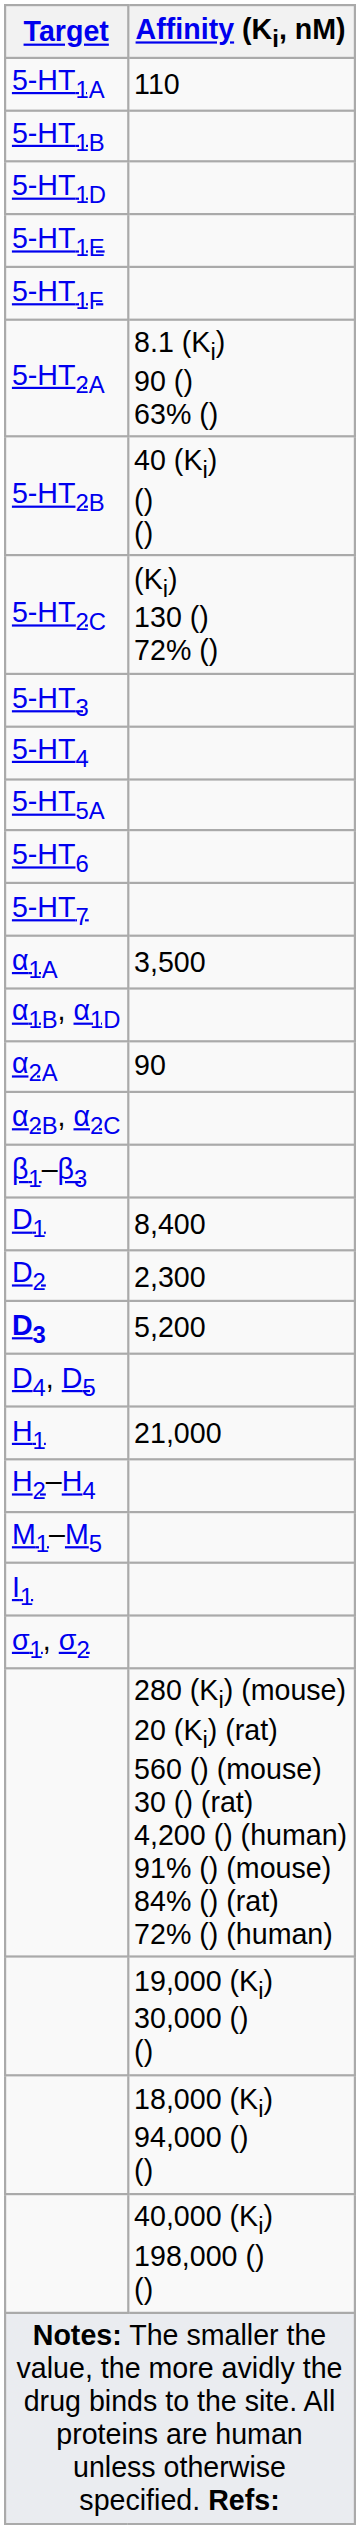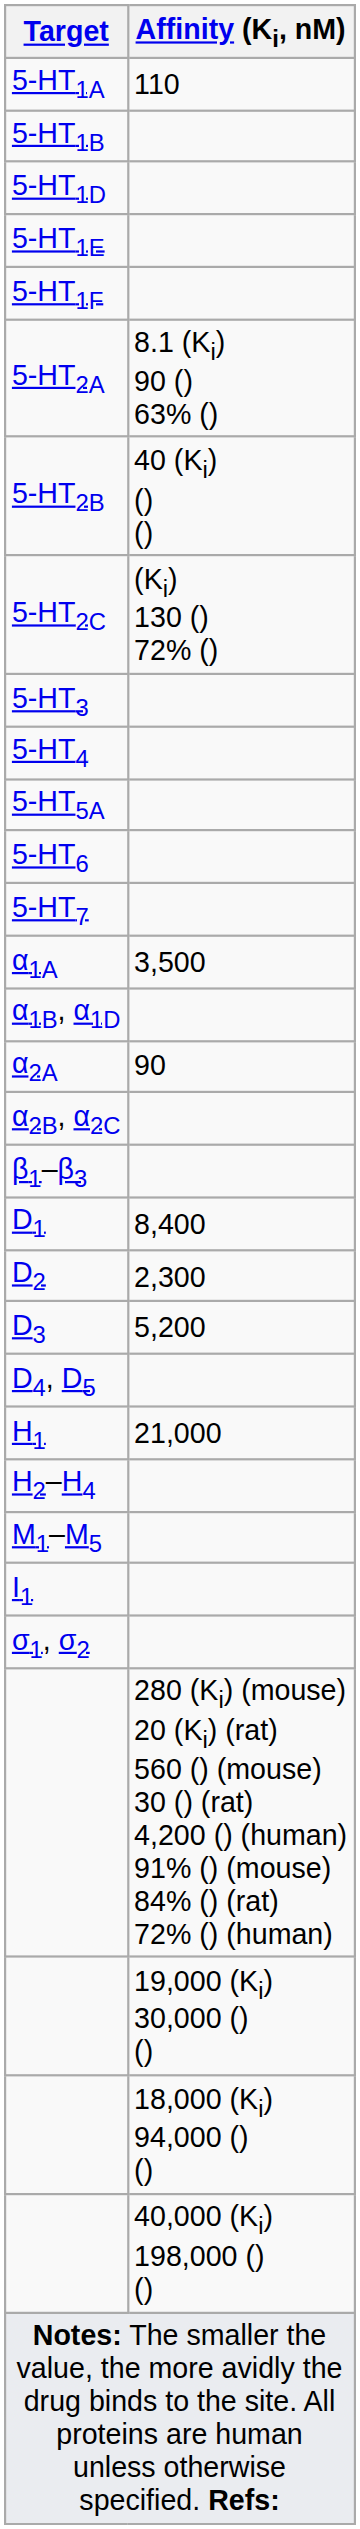 <table class="wikitable floatleft" style="font-size:small;">
 <tr>
 <th><a href='#'>Target</a></th>
 <th><a href='#'>Affinity</a> (K<sub>i</sub>, nM)</th>
 </tr>
 <tr>
 <td><a href='#'>5-HT<sub>1A</sub></a></td>
 <td>110</td>
 </tr>
 <tr>
 <td><a href='#'>5-HT<sub>1B</sub></a></td>
 <td></td>
 </tr>
 <tr>
 <td><a href='#'>5-HT<sub>1D</sub></a></td>
 <td></td>
 </tr>
 <tr>
 <td><a href='#'>5-HT<sub>1E</sub></a></td>
 <td></td>
 </tr>
 <tr>
 <td><a href='#'>5-HT<sub>1F</sub></a></td>
 <td></td>
 </tr>
 <tr>
 <td><a href='#'>5-HT<sub>2A</sub></a></td>
 <td>8.1 (K<sub>i</sub>)<br>90 ()<br>63% ()</td>
 </tr>
 <tr>
 <td><a href='#'>5-HT<sub>2B</sub></a></td>
 <td>40 (K<sub>i</sub>)<br> ()<br> ()</td>
 </tr>
 <tr>
 <td><a href='#'>5-HT<sub>2C</sub></a></td>
 <td> (K<sub>i</sub>)<br>130 ()<br>72% ()</td>
 </tr>
 <tr>
 <td><a href='#'>5-HT<sub>3</sub></a></td>
 <td></td>
 </tr>
 <tr>
 <td><a href='#'>5-HT<sub>4</sub></a></td>
 <td></td>
 </tr>
 <tr>
 <td><a href='#'>5-HT<sub>5A</sub></a></td>
 <td></td>
 </tr>
 <tr>
 <td><a href='#'>5-HT<sub>6</sub></a></td>
 <td></td>
 </tr>
 <tr>
 <td><a href='#'>5-HT<sub>7</sub></a></td>
 <td></td>
 </tr>
 <tr>
 <td><a href='#'>α<sub>1A</sub></a></td>
 <td>3,500</td>
 </tr>
 <tr>
 <td><a href='#'>α<sub>1B</sub></a>, <a href='#'>α<sub>1D</sub></a></td>
 <td></td>
 </tr>
 <tr>
 <td><a href='#'>α<sub>2A</sub></a></td>
 <td>90</td>
 </tr>
 <tr>
 <td><a href='#'>α<sub>2B</sub></a>, <a href='#'>α<sub>2C</sub></a></td>
 <td></td>
 </tr>
 <tr>
 <td><a href='#'>β<sub>1</sub></a>–<a href='#'>β<sub>3</sub></a></td>
 <td></td>
 </tr>
 <tr>
 <td><a href='#'>D<sub>1</sub></a></td>
 <td>8,400</td>
 </tr>
 <tr>
 <td><a href='#'>D<sub>2</sub></a></td>
 <td>2,300</td>
 </tr>
 <tr>
-<td><strong><a href='#'>D<sub>3</sub></a></strong></td>
+<td><a href='#'>D<sub>3</sub></a></td>
 <td>5,200</td>
 </tr>
 <tr>
 <td><a href='#'>D<sub>4</sub></a>, <a href='#'>D<sub>5</sub></a></td>
 <td></td>
 </tr>
 <tr>
 <td><a href='#'>H<sub>1</sub></a></td>
 <td>21,000</td>
 </tr>
 <tr>
 <td><a href='#'>H<sub>2</sub></a>–<a href='#'>H<sub>4</sub></a></td>
 <td></td>
 </tr>
 <tr>
 <td><a href='#'>M<sub>1</sub></a>–<a href='#'>M<sub>5</sub></a></td>
 <td></td>
 </tr>
 <tr>
 <td><a href='#'>I<sub>1</sub></a></td>
 <td></td>
 </tr>
 <tr>
 <td><a href='#'>σ<sub>1</sub></a>, <a href='#'>σ<sub>2</sub></a></td>
 <td></td>
 </tr>
 <tr>
 <td></td>
 <td>280 (K<sub>i</sub>) (mouse)<br>20 (K<sub>i</sub>) (rat)<br>560 () (mouse)<br>30 () (rat)<br>4,200 () (human)<br>91% () (mouse)<br>84% () (rat)<br>72% () (human)</td>
 </tr>
 <tr>
 <td></td>
 <td>19,000 (K<sub>i</sub>)<br>30,000 ()<br> ()</td>
 </tr>
 <tr>
 <td></td>
 <td>18,000 (K<sub>i</sub>)<br>94,000 ()<br> ()</td>
 </tr>
 <tr>
 <td></td>
 <td>40,000 (K<sub>i</sub>)<br>198,000 ()<br> ()</td>
 </tr>
 <tr class="sortbottom">
 <td colspan="2" style="width: 1px; background-color:#eaecf0; text-align: center;"><strong>Notes:</strong> The smaller the value, the more avidly the drug binds to the site. All proteins are human unless otherwise specified. <strong>Refs:</strong> </td>
 </tr>
 </table>
